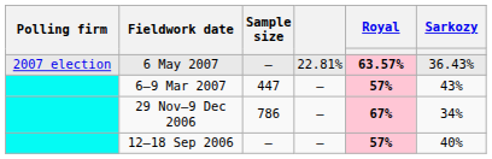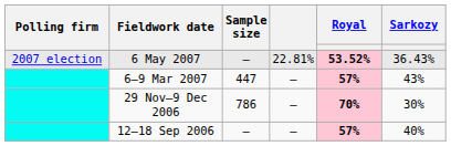 <table class="wikitable sortable" style="text-align:center;font-size:90%;line-height:14px;">
 <tr style="height:40px;">
 <th style="width:100px;" rowspan="2">Polling firm</th>
 <th style="width:110px;" rowspan="2">Fieldwork date</th>
 <th style="width:35px;" rowspan="2">Sample<br>size</th>
 <th style="width:30px;" rowspan="2"></th>
 <th class="unsortable" style="width:60px;"><a href='#'>Royal</a><br></th>
 <th class="unsortable" style="width:60px;"><a href='#'>Sarkozy</a><br></th>
 </tr>
 <tr>
 <th style="background:"></th>
 <th style="background:"></th>
 </tr>
 <tr style="background:#E9E9E9;">
 <td><a href='#'>2007 election</a></td>
 <td data-sort-value="2007-05-06">6 May 2007</td>
 <td>–</td>
 <td>22.81%</td>
-<td style="background:#FFC6D5;"><strong>63.57%</strong></td>
+<td style="background:#FFC6D5;"><strong>53.52%</strong></td>
 <td>36.43%</td>
 </tr>
 <tr>
 <td style="background:#04FBF4;"></td>
 <td data-sort-value="2007-03-09">6–9 Mar 2007</td>
 <td>447</td>
 <td>–</td>
 <td style="background:#FFC6D5;"><strong>57%</strong></td>
 <td>43%</td>
 </tr>
 <tr>
 <td style="background:#04FBF4;"></td>
 <td data-sort-value="2006-12-08">29 Nov–9 Dec 2006</td>
 <td>786</td>
 <td>–</td>
-<td style="background:#FFC6D5;"><strong>67%</strong></td>
-<td>34%</td>
+<td style="background:#FFC6D5;"><strong>70%</strong></td>
+<td>30%</td>
 </tr>
 <tr>
 <td style="background:#04FBF4;"></td>
 <td data-sort-value="2006-09-18">12–18 Sep 2006</td>
 <td>–</td>
 <td>–</td>
 <td style="background:#FFC6D5;"><strong>57%</strong></td>
 <td>40%</td>
 </tr>
 </table>
